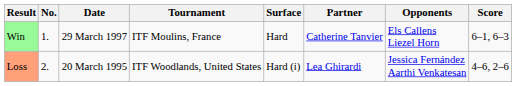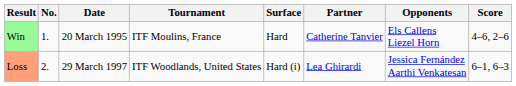 <table class="sortable wikitable" style="font-size:97%;">
 <tr>
 <th>Result</th>
 <th>No.</th>
 <th>Date</th>
 <th>Tournament</th>
 <th>Surface</th>
 <th>Partner</th>
 <th>Opponents</th>
 <th class="unsortable">Score</th>
 </tr>
 <tr>
 <td style="background:#98fb98;">Win</td>
 <td>1.</td>
-<td>29 March 1997</td>
+<td>20 March 1995</td>
 <td>ITF Moulins, France</td>
 <td>Hard</td>
 <td> <a href='#'>Catherine Tanvier</a></td>
 <td> <a href='#'>Els Callens</a> <br>  <a href='#'>Liezel Horn</a></td>
-<td>6–1, 6–3</td>
+<td>4–6, 2–6</td>
 </tr>
 <tr style="background:lightb">
 <td style="background:#ffa07a;">Loss</td>
 <td>2.</td>
-<td>20 March 1995</td>
+<td>29 March 1997</td>
 <td>ITF Woodlands, United States</td>
 <td>Hard (i)</td>
 <td> <a href='#'>Lea Ghirardi</a></td>
 <td> <a href='#'>Jessica Fernández</a> <br>  <a href='#'>Aarthi Venkatesan</a></td>
-<td>4–6, 2–6</td>
+<td>6–1, 6–3</td>
 </tr>
 </table>
